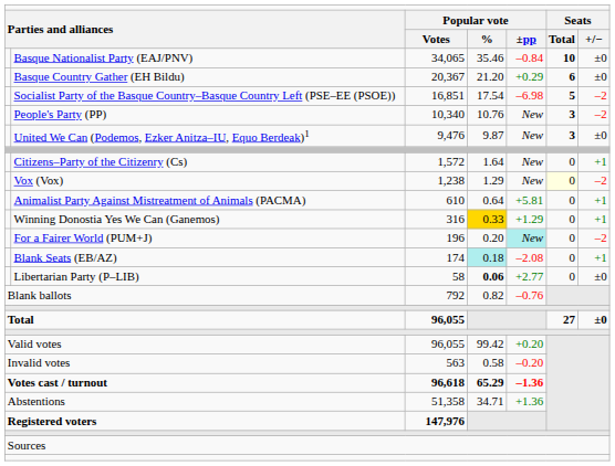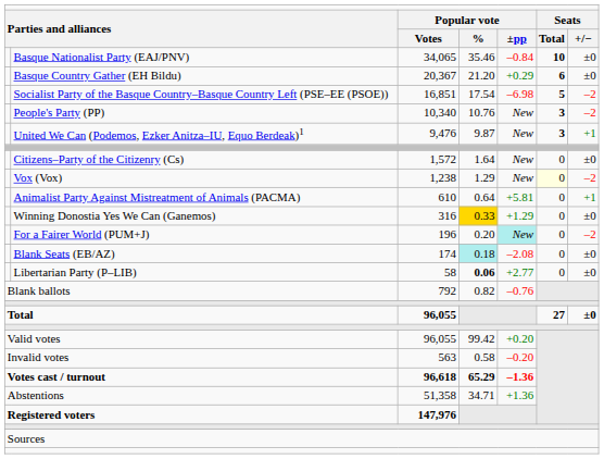 <table class="wikitable" style="text-align:right;">
 <tr>
 <td colspan="7"></td>
 </tr>
 <tr>
 <th style="text-align:left;" rowspan="2" colspan="2" width="525">Parties and alliances</th>
 <th colspan="3">Popular vote</th>
 <th colspan="2">Seats</th>
 </tr>
 <tr>
 <th width="75">Votes</th>
 <th width="45">%</th>
 <th width="45">±<a href='#'>pp</a></th>
 <th width="35">Total</th>
 <th width="35">+/−</th>
 </tr>
 <tr>
 <td width="1" style="color:inherit;background:"></td>
 <td align="left"><a href='#'>Basque Nationalist Party</a> (EAJ/PNV)</td>
 <td>34,065</td>
 <td>35.46</td>
 <td style="color:red;">–0.84</td>
 <td><strong>10</strong></td>
 <td>±0</td>
 </tr>
 <tr>
 <td style="color:inherit;background:"></td>
 <td align="left"><a href='#'>Basque Country Gather</a> (EH Bildu)</td>
 <td>20,367</td>
 <td>21.20</td>
 <td style="color:green;">+0.29</td>
 <td><strong>6</strong></td>
 <td>±0</td>
 </tr>
 <tr>
 <td style="color:inherit;background:"></td>
 <td align="left"><a href='#'>Socialist Party of the Basque Country–Basque Country Left</a> (PSE–EE (PSOE))</td>
 <td>16,851</td>
 <td>17.54</td>
 <td style="color:red;">–6.98</td>
 <td><strong>5</strong></td>
 <td style="color:red;">–2</td>
 </tr>
 <tr>
 <td style="color:inherit;background:"></td>
 <td align="left"><a href='#'>People's Party</a> (PP)</td>
 <td>10,340</td>
 <td>10.76</td>
 <td><em>New</em></td>
 <td><strong>3</strong></td>
 <td style="color:red;">–2</td>
 </tr>
 <tr>
 <td style="color:inherit;background:"></td>
 <td align="left"><a href='#'>United We Can</a> (<a href='#'>Podemos</a>, <a href='#'>Ezker Anitza–IU</a>, <a href='#'>Equo Berdeak</a>)<sup>1</sup></td>
 <td>9,476</td>
 <td>9.87</td>
 <td><em>New</em></td>
 <td><strong>3</strong></td>
-<td>±0</td>
+<td style="color:green;">+1</td>
 </tr>
 <tr>
 <td colspan="7" bgcolor="#C0C0C0"></td>
 </tr>
 <tr>
 <td style="color:inherit;background:"></td>
 <td align="left"><a href='#'>Citizens–Party of the Citizenry</a> (Cs)</td>
 <td>1,572</td>
 <td>1.64</td>
 <td><em>New</em></td>
 <td>0</td>
-<td style="color:green;">+1</td>
+<td>±0</td>
 </tr>
 <tr>
 <td style="color:inherit;background:"></td>
 <td align="left"><a href='#'>Vox</a> (Vox)</td>
 <td>1,238</td>
 <td>1.29</td>
 <td><em>New</em></td>
 <td style="background: lightyellow;">0</td>
 <td style="color:red;">–2</td>
 </tr>
 <tr>
 <td style="color:inherit;background:"></td>
 <td align="left"><a href='#'>Animalist Party Against Mistreatment of Animals</a> (PACMA)</td>
 <td>610</td>
 <td>0.64</td>
 <td style="color:green;">+5.81</td>
 <td>0</td>
 <td style="color:green;">+1</td>
 </tr>
 <tr>
 <td style="color:inherit;background:"></td>
 <td align="left">Winning Donostia Yes We Can (Ganemos)</td>
 <td>316</td>
 <td style="background: gold;">0.33</td>
 <td style="color:green;">+1.29</td>
 <td>0</td>
-<td style="color:green;">+1</td>
+<td>±0</td>
 </tr>
 <tr>
 <td style="color:inherit;background:"></td>
 <td align="left"><a href='#'>For a Fairer World</a> (PUM+J)</td>
 <td>196</td>
 <td>0.20</td>
 <td style="background: paleturquoise;"><em>New</em></td>
 <td>0</td>
 <td style="color:red;">–2</td>
 </tr>
 <tr>
 <td style="color:inherit;background:"></td>
 <td align="left"><a href='#'>Blank Seats</a> (EB/AZ)</td>
 <td>174</td>
 <td style="background: paleturquoise;">0.18</td>
 <td style="color:red;">–2.08</td>
 <td>0</td>
-<td style="color:green;">+1</td>
+<td>±0</td>
 </tr>
 <tr>
 <td style="color:inherit;background:"></td>
 <td align="left">Libertarian Party (P–LIB)</td>
 <td>58</td>
 <td><strong>0.06</strong></td>
 <td style="color:green;">+2.77</td>
 <td>0</td>
 <td>±0</td>
 </tr>
 <tr>
 <td align="left" colspan="2">Blank ballots</td>
 <td>792</td>
 <td>0.82</td>
 <td style="color:red;">–0.76</td>
 <td bgcolor="#E9E9E9" colspan="2"></td>
 </tr>
 <tr>
 <td colspan="7" bgcolor="#E9E9E9"></td>
 </tr>
 <tr style="font-weight:bold;">
 <td align="left" colspan="2">Total</td>
 <td>96,055</td>
 <td bgcolor="#E9E9E9" colspan="2"></td>
 <td>27</td>
 <td>±0</td>
 </tr>
 <tr>
 <td colspan="7" bgcolor="#E9E9E9"></td>
 </tr>
 <tr>
 <td align="left" colspan="2">Valid votes</td>
 <td>96,055</td>
 <td>99.42</td>
 <td style="color:green;">+0.20</td>
 <td bgcolor="#E9E9E9" colspan="2" rowspan="5"></td>
 </tr>
 <tr>
 <td align="left" colspan="2">Invalid votes</td>
 <td>563</td>
 <td>0.58</td>
 <td style="color:red;">–0.20</td>
 </tr>
 <tr style="font-weight:bold;">
 <td align="left" colspan="2">Votes cast / turnout</td>
 <td>96,618</td>
 <td>65.29</td>
 <td style="color:red;">–1.36</td>
 </tr>
 <tr>
 <td align="left" colspan="2">Abstentions</td>
 <td>51,358</td>
 <td>34.71</td>
 <td style="color:green;">+1.36</td>
 </tr>
 <tr style="font-weight:bold;">
 <td align="left" colspan="2">Registered voters</td>
 <td>147,976</td>
 <td bgcolor="#E9E9E9" colspan="2"></td>
 </tr>
 <tr>
 <td colspan="7" bgcolor="#E9E9E9"></td>
 </tr>
 <tr>
 <td align="left" colspan="7">Sources</td>
 </tr>
 <tr>
 <td colspan="7" style="text-align:left; max-width:790px;"></td>
 </tr>
 </table>
